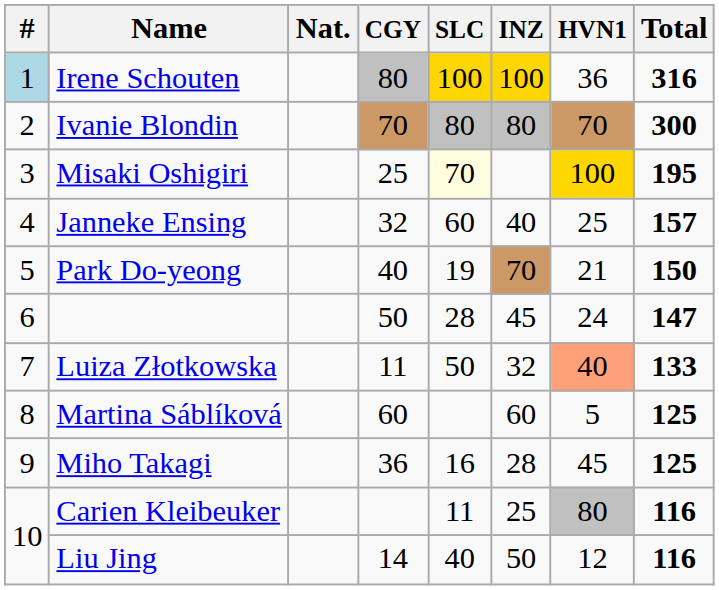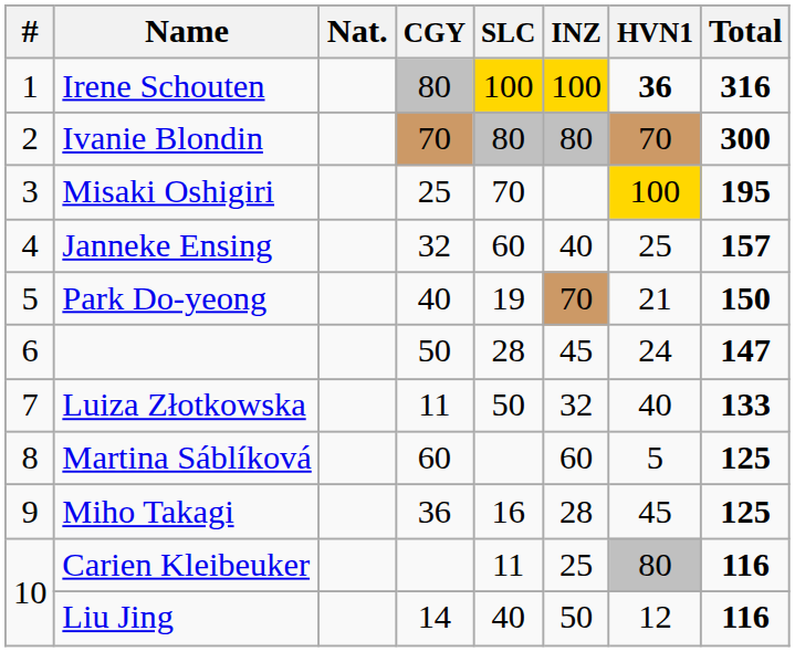 <table class="wikitable" style="text-align:center;">
 <tr>
 <th>#</th>
 <th>Name</th>
 <th>Nat.</th>
 <th><small>CGY</small></th>
 <th><small>SLC</small></th>
 <th><small>INZ</small></th>
 <th><small>HVN1</small></th>
 <th>Total</th>
 </tr>
 <tr>
-<td style="background: lightblue;">1</td>
+<td>1</td>
 <td align=left><a href='#'>Irene Schouten</a></td>
 <td></td>
 <td bgcolor=silver>80</td>
 <td bgcolor=gold>100</td>
 <td bgcolor=gold>100</td>
-<td>36</td>
+<td><strong>36</strong></td>
 <td><strong>316</strong></td>
 </tr>
 <tr>
 <td>2</td>
 <td align=left><a href='#'>Ivanie Blondin</a></td>
 <td></td>
 <td bgcolor=cc9966>70</td>
 <td bgcolor=silver>80</td>
 <td bgcolor=silver>80</td>
 <td bgcolor=cc9966>70</td>
 <td><strong>300</strong></td>
 </tr>
 <tr>
 <td>3</td>
 <td align=left><a href='#'>Misaki Oshigiri</a></td>
 <td></td>
 <td>25</td>
-<td style="background: lightyellow;">70</td>
+<td>70</td>
 <td></td>
 <td bgcolor=gold>100</td>
 <td><strong>195</strong></td>
 </tr>
 <tr>
 <td>4</td>
 <td align=left><a href='#'>Janneke Ensing</a></td>
 <td></td>
 <td>32</td>
 <td>60</td>
 <td>40</td>
 <td>25</td>
 <td><strong>157</strong></td>
 </tr>
 <tr>
 <td>5</td>
 <td align=left><a href='#'>Park Do-yeong</a></td>
 <td></td>
 <td>40</td>
 <td>19</td>
 <td bgcolor=cc9966>70</td>
 <td>21</td>
 <td><strong>150</strong></td>
 </tr>
 <tr>
 <td>6</td>
 <td align=left></td>
 <td></td>
 <td>50</td>
 <td>28</td>
 <td>45</td>
 <td>24</td>
 <td><strong>147</strong></td>
 </tr>
 <tr>
 <td>7</td>
 <td align=left><a href='#'>Luiza Złotkowska</a></td>
 <td></td>
 <td>11</td>
 <td>50</td>
 <td>32</td>
-<td style="background: lightsalmon;">40</td>
+<td>40</td>
 <td><strong>133</strong></td>
 </tr>
 <tr>
 <td>8</td>
 <td align=left><a href='#'>Martina Sáblíková</a></td>
 <td></td>
 <td>60</td>
 <td></td>
 <td>60</td>
 <td>5</td>
 <td><strong>125</strong></td>
 </tr>
 <tr>
 <td>9</td>
 <td align=left><a href='#'>Miho Takagi</a></td>
 <td></td>
 <td>36</td>
 <td>16</td>
 <td>28</td>
 <td>45</td>
 <td><strong>125</strong></td>
 </tr>
 <tr>
 <td rowspan=2>10</td>
 <td align=left><a href='#'>Carien Kleibeuker</a></td>
 <td></td>
 <td></td>
 <td>11</td>
 <td>25</td>
 <td bgcolor=silver>80</td>
 <td><strong>116</strong></td>
 </tr>
 <tr>
 <td align=left><a href='#'>Liu Jing</a></td>
 <td></td>
 <td>14</td>
 <td>40</td>
 <td>50</td>
 <td>12</td>
 <td><strong>116</strong></td>
 </tr>
 </table>
